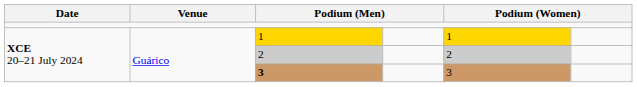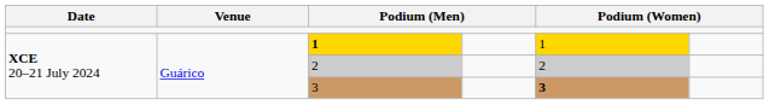 <table class="wikitable" width=70%>
 <tr>
 <th>Date</th>
 <th width=20%>Venue</th>
 <th colspan=2 width=30%>Podium (Men)</th>
 <th colspan=2 width=30%>Podium (Women)</th>
 </tr>
 <tr>
 <td colspan=6></td>
 </tr>
 <tr>
 <td rowspan=3><strong>XCE</strong> <br> 20–21 July 2024</td>
 <td rowspan=3><br><a href='#'>Guárico</a></td>
-<td bgcolor=FFD700>1</td>
+<td bgcolor=FFD700><strong>1</strong></td>
 <td></td>
 <td bgcolor=FFD700>1</td>
 <td></td>
 </tr>
 <tr>
 <td bgcolor=CCCCCC>2</td>
 <td></td>
 <td bgcolor=CCCCCC>2</td>
 <td></td>
 </tr>
 <tr>
+<td bgcolor=CC9966>3</td>
+<td></td>
 <td bgcolor=CC9966><strong>3</strong></td>
-<td></td>
-<td bgcolor=CC9966>3</td>
 <td></td>
 </tr>
 </table>
